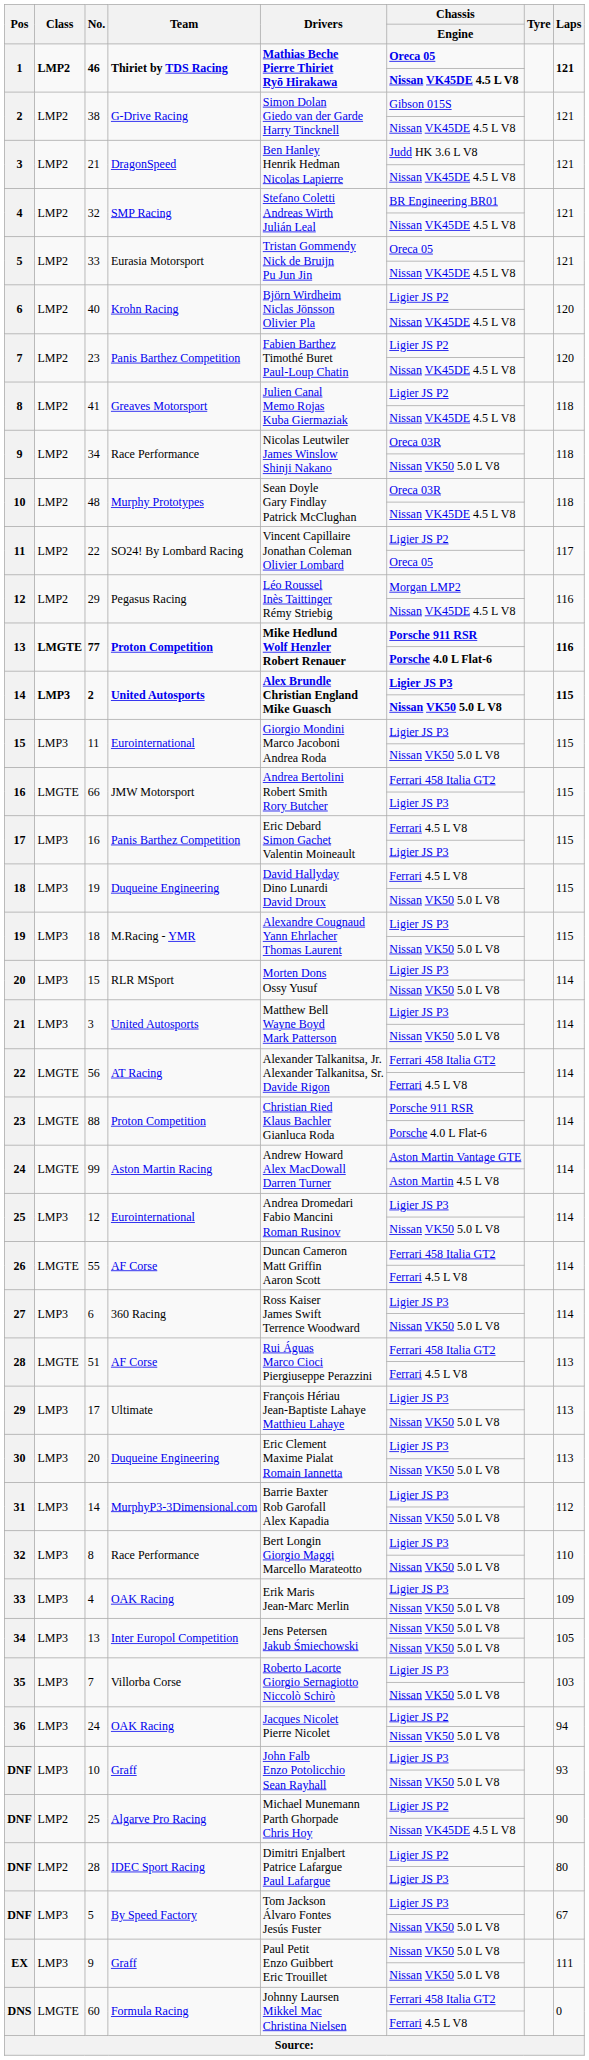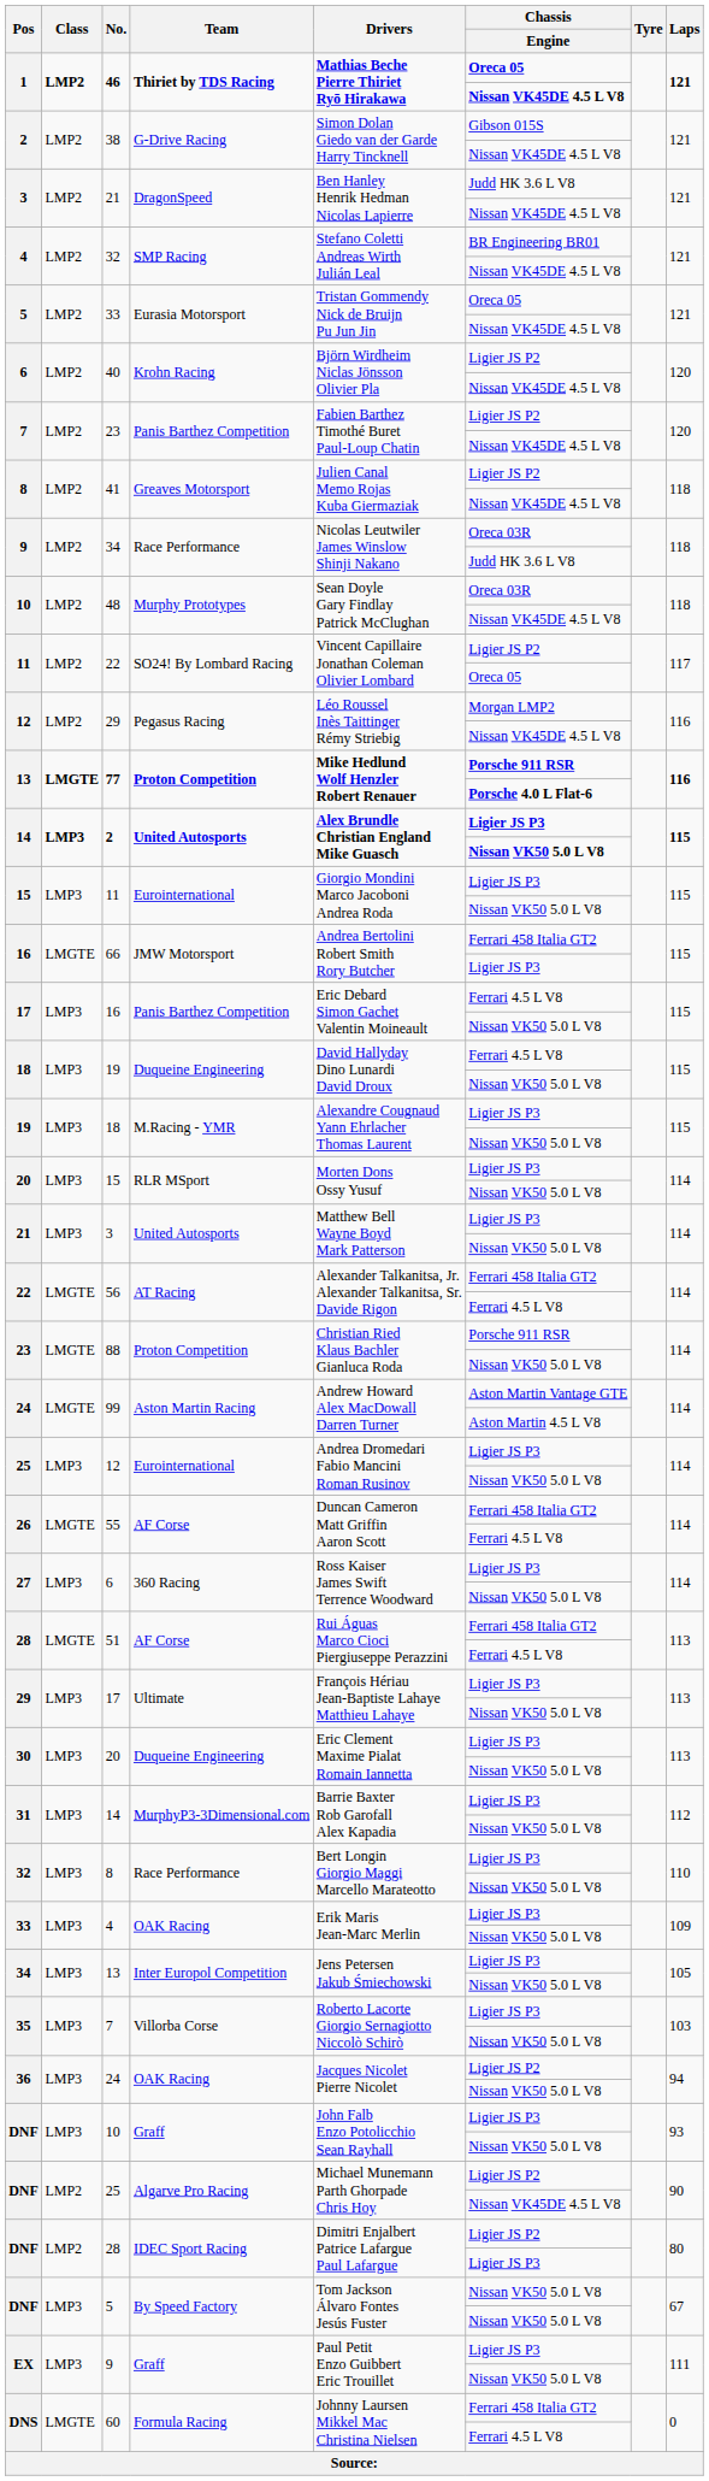 <table class="wikitable" style="font-size: 95%;">
 <tr>
 <th rowspan=2>Pos</th>
 <th rowspan=2>Class</th>
 <th rowspan=2>No.</th>
 <th rowspan=2>Team</th>
 <th rowspan=2>Drivers</th>
 <th>Chassis</th>
 <th rowspan=2>Tyre</th>
 <th rowspan=2>Laps</th>
 </tr>
 <tr>
 <th>Engine</th>
 </tr>
 <tr>
 <th rowspan=2>1</th>
 <td rowspan=2><strong>LMP2</strong></td>
 <td rowspan=2><strong>46</strong></td>
 <td rowspan=2><strong> Thiriet by <a href='#'>TDS Racing</a></strong></td>
 <td rowspan=2><strong> <a href='#'>Mathias Beche</a><br> <a href='#'>Pierre Thiriet</a><br> <a href='#'>Ryō Hirakawa</a></strong></td>
 <td><a href='#'><strong>Oreca 05</strong></a></td>
 <td rowspan=2></td>
 <td rowspan=2><strong>121</strong></td>
 </tr>
 <tr>
 <td><strong><a href='#'>Nissan</a> <a href='#'>VK45DE</a> 4.5 L V8</strong></td>
 </tr>
 <tr>
 <th rowspan=2>2</th>
 <td rowspan=2>LMP2</td>
 <td rowspan=2>38</td>
 <td rowspan=2> <a href='#'>G-Drive Racing</a></td>
 <td rowspan=2> <a href='#'>Simon Dolan</a><br> <a href='#'>Giedo van der Garde</a><br> <a href='#'>Harry Tincknell</a></td>
 <td><a href='#'>Gibson 015S</a></td>
 <td rowspan=2></td>
 <td rowspan=2>121</td>
 </tr>
 <tr>
 <td><a href='#'>Nissan</a> <a href='#'>VK45DE</a> 4.5 L V8</td>
 </tr>
 <tr>
 <th rowspan=2>3</th>
 <td rowspan=2>LMP2</td>
 <td rowspan=2>21</td>
 <td rowspan=2> <a href='#'>DragonSpeed</a></td>
 <td rowspan=2> <a href='#'>Ben Hanley</a><br> Henrik Hedman<br> <a href='#'>Nicolas Lapierre</a></td>
 <td><a href='#'>Judd</a> HK 3.6 L V8</td>
 <td rowspan=2></td>
 <td rowspan=2>121</td>
 </tr>
 <tr>
 <td><a href='#'>Nissan</a> <a href='#'>VK45DE</a> 4.5 L V8</td>
 </tr>
 <tr>
 <th rowspan=2>4</th>
 <td rowspan=2>LMP2</td>
 <td rowspan=2>32</td>
 <td rowspan=2> <a href='#'>SMP Racing</a></td>
 <td rowspan=2> <a href='#'>Stefano Coletti</a><br> <a href='#'>Andreas Wirth</a><br> <a href='#'>Julián Leal</a></td>
 <td><a href='#'>BR Engineering BR01</a></td>
 <td rowspan=2></td>
 <td rowspan=2>121</td>
 </tr>
 <tr>
 <td><a href='#'>Nissan</a> <a href='#'>VK45DE</a> 4.5 L V8</td>
 </tr>
 <tr>
 <th rowspan=2>5</th>
 <td rowspan=2>LMP2</td>
 <td rowspan=2>33</td>
 <td rowspan=2> Eurasia Motorsport</td>
 <td rowspan=2> <a href='#'>Tristan Gommendy</a><br> <a href='#'>Nick de Bruijn</a><br> <a href='#'>Pu Jun Jin</a></td>
 <td><a href='#'>Oreca 05</a></td>
 <td rowspan=2></td>
 <td rowspan=2>121</td>
 </tr>
 <tr>
 <td><a href='#'>Nissan</a> <a href='#'>VK45DE</a> 4.5 L V8</td>
 </tr>
 <tr>
 <th rowspan=2>6</th>
 <td rowspan=2>LMP2</td>
 <td rowspan=2>40</td>
 <td rowspan=2> <a href='#'>Krohn Racing</a></td>
 <td rowspan=2> <a href='#'>Björn Wirdheim</a><br> <a href='#'>Niclas Jönsson</a><br> <a href='#'>Olivier Pla</a></td>
 <td><a href='#'>Ligier JS P2</a></td>
 <td rowspan=2></td>
 <td rowspan=2>120</td>
 </tr>
 <tr>
 <td><a href='#'>Nissan</a> <a href='#'>VK45DE</a> 4.5 L V8</td>
 </tr>
 <tr>
 <th rowspan=2>7</th>
 <td rowspan=2>LMP2</td>
 <td rowspan=2>23</td>
 <td rowspan=2> <a href='#'>Panis Barthez Competition</a></td>
 <td rowspan=2> <a href='#'>Fabien Barthez</a><br> Timothé Buret<br> <a href='#'>Paul-Loup Chatin</a></td>
 <td><a href='#'>Ligier JS P2</a></td>
 <td rowspan=2></td>
 <td rowspan=2>120</td>
 </tr>
 <tr>
 <td><a href='#'>Nissan</a> <a href='#'>VK45DE</a> 4.5 L V8</td>
 </tr>
 <tr>
 <th rowspan=2>8</th>
 <td rowspan=2>LMP2</td>
 <td rowspan=2>41</td>
 <td rowspan=2> <a href='#'>Greaves Motorsport</a></td>
 <td rowspan=2> <a href='#'>Julien Canal</a><br> <a href='#'>Memo Rojas</a><br> <a href='#'>Kuba Giermaziak</a></td>
 <td><a href='#'>Ligier JS P2</a></td>
 <td rowspan=2></td>
 <td rowspan=2>118</td>
 </tr>
 <tr>
 <td><a href='#'>Nissan</a> <a href='#'>VK45DE</a> 4.5 L V8</td>
 </tr>
 <tr>
 <th rowspan=2>9</th>
 <td rowspan=2>LMP2</td>
 <td rowspan=2>34</td>
 <td rowspan=2> Race Performance</td>
 <td rowspan=2> Nicolas Leutwiler<br> <a href='#'>James Winslow</a><br> <a href='#'>Shinji Nakano</a></td>
 <td><a href='#'>Oreca 03R</a></td>
 <td rowspan=2></td>
 <td rowspan=2>118</td>
 </tr>
 <tr>
-<td><a href='#'>Nissan</a> <a href='#'>VK50</a> 5.0 L V8</td>
+<td><a href='#'>Judd</a> HK 3.6 L V8</td>
 </tr>
 <tr>
 <th rowspan=2>10</th>
 <td rowspan=2>LMP2</td>
 <td rowspan=2>48</td>
 <td rowspan=2> <a href='#'>Murphy Prototypes</a></td>
 <td rowspan=2> Sean Doyle<br> Gary Findlay<br> Patrick McClughan</td>
 <td><a href='#'>Oreca 03R</a></td>
 <td rowspan=2></td>
 <td rowspan=2>118</td>
 </tr>
 <tr>
 <td><a href='#'>Nissan</a> <a href='#'>VK45DE</a> 4.5 L V8</td>
 </tr>
 <tr>
 <th rowspan=2>11</th>
 <td rowspan=2>LMP2</td>
 <td rowspan=2>22</td>
 <td rowspan=2> SO24! By Lombard Racing</td>
 <td rowspan=2> Vincent Capillaire<br> Jonathan Coleman<br> <a href='#'>Olivier Lombard</a></td>
 <td><a href='#'>Ligier JS P2</a></td>
 <td rowspan=2></td>
 <td rowspan=2>117</td>
 </tr>
 <tr>
 <td><a href='#'>Oreca 05</a></td>
 </tr>
 <tr>
 <th rowspan=2>12</th>
 <td rowspan=2>LMP2</td>
 <td rowspan=2>29</td>
 <td rowspan=2> Pegasus Racing</td>
 <td rowspan=2> <a href='#'>Léo Roussel</a><br> <a href='#'>Inès Taittinger</a><br> Rémy Striebig</td>
 <td><a href='#'>Morgan LMP2</a></td>
 <td rowspan=2></td>
 <td rowspan=2>116</td>
 </tr>
 <tr>
 <td><a href='#'>Nissan</a> <a href='#'>VK45DE</a> 4.5 L V8</td>
 </tr>
 <tr>
 <th rowspan=2>13</th>
 <td rowspan=2><strong>LMGTE</strong></td>
 <td rowspan=2><strong>77</strong></td>
 <td rowspan=2><strong> <a href='#'>Proton Competition</a></strong></td>
 <td rowspan=2><strong> Mike Hedlund<br> <a href='#'>Wolf Henzler</a><br> Robert Renauer</strong></td>
 <td><a href='#'><strong>Porsche 911 RSR</strong></a></td>
 <td rowspan=2></td>
 <td rowspan=2><strong>116</strong></td>
 </tr>
 <tr>
 <td><strong><a href='#'>Porsche</a> 4.0 L Flat-6</strong></td>
 </tr>
 <tr>
 <th rowspan=2>14</th>
 <td rowspan=2><strong>LMP3</strong></td>
 <td rowspan=2><strong>2</strong></td>
 <td rowspan=2><strong> <a href='#'>United Autosports</a></strong></td>
 <td rowspan=2><strong> <a href='#'>Alex Brundle</a><br> Christian England<br> Mike Guasch</strong></td>
 <td><a href='#'><strong>Ligier JS P3</strong></a></td>
 <td rowspan=2></td>
 <td rowspan=2><strong>115</strong></td>
 </tr>
 <tr>
 <td><strong><a href='#'>Nissan</a> <a href='#'>VK50</a> 5.0 L V8</strong></td>
 </tr>
 <tr>
 <th rowspan=2>15</th>
 <td rowspan=2>LMP3</td>
 <td rowspan=2>11</td>
 <td rowspan=2> <a href='#'>Eurointernational</a></td>
 <td rowspan=2> <a href='#'>Giorgio Mondini</a><br> Marco Jacoboni<br> Andrea Roda</td>
 <td><a href='#'>Ligier JS P3</a></td>
 <td rowspan=2></td>
 <td rowspan=2>115</td>
 </tr>
 <tr>
 <td><a href='#'>Nissan</a> <a href='#'>VK50</a> 5.0 L V8</td>
 </tr>
 <tr>
 <th rowspan=2>16</th>
 <td rowspan=2>LMGTE</td>
 <td rowspan=2>66</td>
 <td rowspan=2> JMW Motorsport</td>
 <td rowspan=2> <a href='#'>Andrea Bertolini</a><br> Robert Smith<br> <a href='#'>Rory Butcher</a></td>
 <td><a href='#'>Ferrari 458 Italia GT2</a></td>
 <td rowspan=2></td>
 <td rowspan=2>115</td>
 </tr>
 <tr>
 <td><a href='#'>Ligier JS P3</a></td>
 </tr>
 <tr>
 <th rowspan=2>17</th>
 <td rowspan=2>LMP3</td>
 <td rowspan=2>16</td>
 <td rowspan=2> <a href='#'>Panis Barthez Competition</a></td>
 <td rowspan=2> Eric Debard<br> <a href='#'>Simon Gachet</a><br> Valentin Moineault</td>
 <td><a href='#'>Ferrari</a> 4.5 L V8</td>
 <td rowspan=2></td>
 <td rowspan=2>115</td>
 </tr>
 <tr>
-<td><a href='#'>Ligier JS P3</a></td>
+<td><a href='#'>Nissan</a> <a href='#'>VK50</a> 5.0 L V8</td>
 </tr>
 <tr>
 <th rowspan=2>18</th>
 <td rowspan=2>LMP3</td>
 <td rowspan=2>19</td>
 <td rowspan=2> <a href='#'>Duqueine Engineering</a></td>
 <td rowspan=2> <a href='#'>David Hallyday</a><br> Dino Lunardi<br> <a href='#'>David Droux</a></td>
 <td><a href='#'>Ferrari</a> 4.5 L V8</td>
 <td rowspan=2></td>
 <td rowspan=2>115</td>
 </tr>
 <tr>
 <td><a href='#'>Nissan</a> <a href='#'>VK50</a> 5.0 L V8</td>
 </tr>
 <tr>
 <th rowspan=2>19</th>
 <td rowspan=2>LMP3</td>
 <td rowspan=2>18</td>
 <td rowspan=2> M.Racing - <a href='#'>YMR</a></td>
 <td rowspan=2> <a href='#'>Alexandre Cougnaud</a><br> <a href='#'>Yann Ehrlacher</a><br> <a href='#'>Thomas Laurent</a></td>
 <td><a href='#'>Ligier JS P3</a></td>
 <td rowspan=2></td>
 <td rowspan=2>115</td>
 </tr>
 <tr>
 <td><a href='#'>Nissan</a> <a href='#'>VK50</a> 5.0 L V8</td>
 </tr>
 <tr>
 <th rowspan=2>20</th>
 <td rowspan=2>LMP3</td>
 <td rowspan=2>15</td>
 <td rowspan=2> RLR MSport</td>
 <td rowspan=2> <a href='#'>Morten Dons</a><br> Ossy Yusuf</td>
 <td><a href='#'>Ligier JS P3</a></td>
 <td rowspan=2></td>
 <td rowspan=2>114</td>
 </tr>
 <tr>
 <td><a href='#'>Nissan</a> <a href='#'>VK50</a> 5.0 L V8</td>
 </tr>
 <tr>
 <th rowspan=2>21</th>
 <td rowspan=2>LMP3</td>
 <td rowspan=2>3</td>
 <td rowspan=2> <a href='#'>United Autosports</a></td>
 <td rowspan=2> Matthew Bell<br> <a href='#'>Wayne Boyd</a><br> <a href='#'>Mark Patterson</a></td>
 <td><a href='#'>Ligier JS P3</a></td>
 <td rowspan=2></td>
 <td rowspan=2>114</td>
 </tr>
 <tr>
 <td><a href='#'>Nissan</a> <a href='#'>VK50</a> 5.0 L V8</td>
 </tr>
 <tr>
 <th rowspan=2>22</th>
 <td rowspan=2>LMGTE</td>
 <td rowspan=2>56</td>
 <td rowspan=2> <a href='#'>AT Racing</a></td>
 <td rowspan=2> Alexander Talkanitsa, Jr.<br> Alexander Talkanitsa, Sr.<br> <a href='#'>Davide Rigon</a></td>
 <td><a href='#'>Ferrari 458 Italia GT2</a></td>
 <td rowspan=2></td>
 <td rowspan=2>114</td>
 </tr>
 <tr>
 <td><a href='#'>Ferrari</a> 4.5 L V8</td>
 </tr>
 <tr>
 <th rowspan=2>23</th>
 <td rowspan=2>LMGTE</td>
 <td rowspan=2>88</td>
 <td rowspan=2> <a href='#'>Proton Competition</a></td>
 <td rowspan=2> <a href='#'>Christian Ried</a><br> <a href='#'>Klaus Bachler</a><br> Gianluca Roda</td>
 <td><a href='#'>Porsche 911 RSR</a></td>
 <td rowspan=2></td>
 <td rowspan=2>114</td>
 </tr>
 <tr>
-<td><a href='#'>Porsche</a> 4.0 L Flat-6</td>
+<td><a href='#'>Nissan</a> <a href='#'>VK50</a> 5.0 L V8</td>
 </tr>
 <tr>
 <th rowspan=2>24</th>
 <td rowspan=2>LMGTE</td>
 <td rowspan=2>99</td>
 <td rowspan=2> <a href='#'>Aston Martin Racing</a></td>
 <td rowspan=2> Andrew Howard<br> <a href='#'>Alex MacDowall</a><br> <a href='#'>Darren Turner</a></td>
 <td><a href='#'>Aston Martin Vantage GTE</a></td>
 <td rowspan=2></td>
 <td rowspan=2>114</td>
 </tr>
 <tr>
 <td><a href='#'>Aston Martin</a> 4.5 L V8</td>
 </tr>
 <tr>
 <th rowspan=2>25</th>
 <td rowspan=2>LMP3</td>
 <td rowspan=2>12</td>
 <td rowspan=2> <a href='#'>Eurointernational</a></td>
 <td rowspan=2> Andrea Dromedari<br> Fabio Mancini<br> <a href='#'>Roman Rusinov</a></td>
 <td><a href='#'>Ligier JS P3</a></td>
 <td rowspan=2></td>
 <td rowspan=2>114</td>
 </tr>
 <tr>
 <td><a href='#'>Nissan</a> <a href='#'>VK50</a> 5.0 L V8</td>
 </tr>
 <tr>
 <th rowspan="2">26</th>
 <td rowspan="2">LMGTE</td>
 <td rowspan="2">55</td>
 <td rowspan="2"> <a href='#'>AF Corse</a></td>
 <td rowspan="2"> Duncan Cameron<br> Matt Griffin<br> Aaron Scott</td>
 <td><a href='#'>Ferrari 458 Italia GT2</a></td>
 <td rowspan="2"></td>
 <td rowspan="2">114</td>
 </tr>
 <tr>
 <td><a href='#'>Ferrari</a> 4.5 L V8</td>
 </tr>
 <tr>
 <th rowspan=2>27</th>
 <td rowspan=2>LMP3</td>
 <td rowspan=2>6</td>
 <td rowspan=2> 360 Racing</td>
 <td rowspan=2> Ross Kaiser<br> James Swift<br> Terrence Woodward</td>
 <td><a href='#'>Ligier JS P3</a></td>
 <td rowspan=2></td>
 <td rowspan=2>114</td>
 </tr>
 <tr>
 <td><a href='#'>Nissan</a> <a href='#'>VK50</a> 5.0 L V8</td>
 </tr>
 <tr>
 <th rowspan="2">28</th>
 <td rowspan="2">LMGTE</td>
 <td rowspan="2">51</td>
 <td rowspan="2"> <a href='#'>AF Corse</a></td>
 <td rowspan="2"> <a href='#'>Rui Águas</a><br> <a href='#'>Marco Cioci</a><br> Piergiuseppe Perazzini</td>
 <td><a href='#'>Ferrari 458 Italia GT2</a></td>
 <td rowspan="2"></td>
 <td rowspan="2">113</td>
 </tr>
 <tr>
 <td><a href='#'>Ferrari</a> 4.5 L V8</td>
 </tr>
 <tr>
 <th rowspan="2">29</th>
 <td rowspan="2">LMP3</td>
 <td rowspan="2">17</td>
 <td rowspan="2"> Ultimate</td>
 <td rowspan="2"> François Hériau<br> Jean-Baptiste Lahaye<br> <a href='#'>Matthieu Lahaye</a></td>
 <td><a href='#'>Ligier JS P3</a></td>
 <td rowspan="2"></td>
 <td rowspan="2">113</td>
 </tr>
 <tr>
 <td><a href='#'>Nissan</a> <a href='#'>VK50</a> 5.0 L V8</td>
 </tr>
 <tr>
 <th rowspan="2">30</th>
 <td rowspan="2">LMP3</td>
 <td rowspan="2">20</td>
 <td rowspan="2"> <a href='#'>Duqueine Engineering</a></td>
 <td rowspan="2"> Eric Clement<br> Maxime Pialat<br> <a href='#'>Romain Iannetta</a></td>
 <td><a href='#'>Ligier JS P3</a></td>
 <td rowspan="2"></td>
 <td rowspan="2">113</td>
 </tr>
 <tr>
 <td><a href='#'>Nissan</a> <a href='#'>VK50</a> 5.0 L V8</td>
 </tr>
 <tr>
 <th rowspan="2">31</th>
 <td rowspan="2">LMP3</td>
 <td rowspan="2">14</td>
 <td rowspan="2"> <a href='#'>MurphyP3-3Dimensional.com</a></td>
 <td rowspan="2"> Barrie Baxter<br> Rob Garofall<br> Alex Kapadia</td>
 <td><a href='#'>Ligier JS P3</a></td>
 <td rowspan="2"></td>
 <td rowspan="2">112</td>
 </tr>
 <tr>
 <td><a href='#'>Nissan</a> <a href='#'>VK50</a> 5.0 L V8</td>
 </tr>
 <tr>
 <th rowspan="2">32</th>
 <td rowspan="2">LMP3</td>
 <td rowspan="2">8</td>
 <td rowspan="2"> Race Performance</td>
 <td rowspan="2"> Bert Longin<br> <a href='#'>Giorgio Maggi</a><br> Marcello Marateotto</td>
 <td><a href='#'>Ligier JS P3</a></td>
 <td rowspan="2"></td>
 <td rowspan="2">110</td>
 </tr>
 <tr>
 <td><a href='#'>Nissan</a> <a href='#'>VK50</a> 5.0 L V8</td>
 </tr>
 <tr>
 <th rowspan="2">33</th>
 <td rowspan="2">LMP3</td>
 <td rowspan="2">4</td>
 <td rowspan="2"> <a href='#'>OAK Racing</a></td>
 <td rowspan="2"> Erik Maris<br> Jean-Marc Merlin</td>
 <td><a href='#'>Ligier JS P3</a></td>
 <td rowspan="2"></td>
 <td rowspan="2">109</td>
 </tr>
 <tr>
 <td><a href='#'>Nissan</a> <a href='#'>VK50</a> 5.0 L V8</td>
 </tr>
 <tr>
 <th rowspan="2">34</th>
 <td rowspan="2">LMP3</td>
 <td rowspan="2">13</td>
 <td rowspan="2"> <a href='#'>Inter Europol Competition</a></td>
 <td rowspan="2"> Jens Petersen<br> <a href='#'>Jakub Śmiechowski</a></td>
-<td><a href='#'>Nissan</a> <a href='#'>VK50</a> 5.0 L V8</td>
+<td><a href='#'>Ligier JS P3</a></td>
 <td rowspan="2"></td>
 <td rowspan="2">105</td>
 </tr>
 <tr>
 <td><a href='#'>Nissan</a> <a href='#'>VK50</a> 5.0 L V8</td>
 </tr>
 <tr>
 <th rowspan="2">35</th>
 <td rowspan="2">LMP3</td>
 <td rowspan="2">7</td>
 <td rowspan="2"> Villorba Corse</td>
 <td rowspan="2"> <a href='#'>Roberto Lacorte</a><br> <a href='#'>Giorgio Sernagiotto</a><br> <a href='#'>Niccolò Schirò</a></td>
 <td><a href='#'>Ligier JS P3</a></td>
 <td rowspan="2"></td>
 <td rowspan="2">103</td>
 </tr>
 <tr>
 <td><a href='#'>Nissan</a> <a href='#'>VK50</a> 5.0 L V8</td>
 </tr>
 <tr>
 <th rowspan="2">36</th>
 <td rowspan="2">LMP3</td>
 <td rowspan="2">24</td>
 <td rowspan="2"> <a href='#'>OAK Racing</a></td>
 <td rowspan="2"> <a href='#'>Jacques Nicolet</a><br> Pierre Nicolet</td>
 <td><a href='#'>Ligier JS P2</a></td>
 <td rowspan="2"></td>
 <td rowspan="2">94</td>
 </tr>
 <tr>
 <td><a href='#'>Nissan</a> <a href='#'>VK50</a> 5.0 L V8</td>
 </tr>
 <tr>
 <th rowspan="2">DNF</th>
 <td rowspan="2">LMP3</td>
 <td rowspan="2">10</td>
 <td rowspan="2"> <a href='#'>Graff</a></td>
 <td rowspan="2"> <a href='#'>John Falb</a><br> <a href='#'>Enzo Potolicchio</a><br> <a href='#'>Sean Rayhall</a></td>
 <td><a href='#'>Ligier JS P3</a></td>
 <td rowspan="2"></td>
 <td rowspan="2">93</td>
 </tr>
 <tr>
 <td><a href='#'>Nissan</a> <a href='#'>VK50</a> 5.0 L V8</td>
 </tr>
 <tr>
 <th rowspan="2">DNF</th>
 <td rowspan="2">LMP2</td>
 <td rowspan="2">25</td>
 <td rowspan="2"> <a href='#'>Algarve Pro Racing</a></td>
 <td rowspan="2"> Michael Munemann<br> Parth Ghorpade<br> <a href='#'>Chris Hoy</a></td>
 <td><a href='#'>Ligier JS P2</a></td>
 <td rowspan="2"></td>
 <td rowspan="2">90</td>
 </tr>
 <tr>
 <td><a href='#'>Nissan</a> <a href='#'>VK45DE</a> 4.5 L V8</td>
 </tr>
 <tr>
 <th rowspan="2">DNF</th>
 <td rowspan="2">LMP2</td>
 <td rowspan="2">28</td>
 <td rowspan="2"> <a href='#'>IDEC Sport Racing</a></td>
 <td rowspan="2"> Dimitri Enjalbert<br> Patrice Lafargue<br> <a href='#'>Paul Lafargue</a></td>
 <td><a href='#'>Ligier JS P2</a></td>
 <td rowspan="2"></td>
 <td rowspan="2">80</td>
 </tr>
 <tr>
 <td><a href='#'>Ligier JS P3</a></td>
 </tr>
 <tr>
 <th rowspan="2">DNF</th>
 <td rowspan="2">LMP3</td>
 <td rowspan="2">5</td>
 <td rowspan="2"> <a href='#'>By Speed Factory</a></td>
 <td rowspan="2"> Tom Jackson<br> Álvaro Fontes<br> Jesús Fuster</td>
-<td><a href='#'>Ligier JS P3</a></td>
+<td><a href='#'>Nissan</a> <a href='#'>VK50</a> 5.0 L V8</td>
 <td rowspan="2"></td>
 <td rowspan="2">67</td>
 </tr>
 <tr>
 <td><a href='#'>Nissan</a> <a href='#'>VK50</a> 5.0 L V8</td>
 </tr>
 <tr>
 <th rowspan="2">EX</th>
 <td rowspan="2">LMP3</td>
 <td rowspan="2">9</td>
 <td rowspan="2"> <a href='#'>Graff</a></td>
 <td rowspan="2"> Paul Petit<br> Enzo Guibbert<br> Eric Trouillet</td>
-<td><a href='#'>Nissan</a> <a href='#'>VK50</a> 5.0 L V8</td>
+<td><a href='#'>Ligier JS P3</a></td>
 <td rowspan="2"></td>
 <td rowspan="2">111</td>
 </tr>
 <tr>
 <td><a href='#'>Nissan</a> <a href='#'>VK50</a> 5.0 L V8</td>
 </tr>
 <tr>
 <th rowspan="2">DNS</th>
 <td rowspan="2">LMGTE</td>
 <td rowspan="2">60</td>
 <td rowspan="2"> <a href='#'>Formula Racing</a></td>
 <td rowspan="2"> Johnny Laursen<br> <a href='#'>Mikkel Mac</a><br> <a href='#'>Christina Nielsen</a></td>
 <td><a href='#'>Ferrari 458 Italia GT2</a></td>
 <td rowspan="2"></td>
 <td rowspan="2">0</td>
 </tr>
 <tr>
 <td><a href='#'>Ferrari</a> 4.5 L V8</td>
 </tr>
 <tr>
 <th colspan="8">Source:</th>
 </tr>
 </table>
